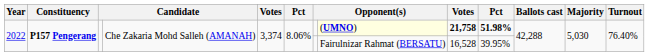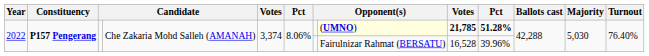 <table class="wikitable" style="margin:0.5em ; font-size:95%">
 <tr>
 <th>Year</th>
 <th>Constituency</th>
 <th colspan=2>Candidate</th>
 <th>Votes</th>
 <th>Pct</th>
 <th colspan=2>Opponent(s)</th>
 <th>Votes</th>
 <th>Pct</th>
 <th>Ballots cast</th>
 <th>Majority</th>
 <th>Turnout</th>
 </tr>
 <tr>
 <td rowspan="2"><a href='#'>2022</a></td>
 <td rowspan="2"><strong>P157 <a href='#'>Pengerang</a></strong></td>
 <td rowspan="2" ></td>
 <td rowspan="2">Che Zakaria Mohd Salleh (<a href='#'>AMANAH</a>)</td>
 <td rowspan="2" align="right">3,374</td>
 <td rowspan="2">8.06%</td>
 <td></td>
 <td style="background: lightyellow;"> (<a href='#'><strong>UMNO</strong></a>)</td>
-<td align="right"><strong>21,758</strong></td>
-<td><strong>51.98%</strong></td>
+<td align="right"><strong>21,785</strong></td>
+<td><strong>51.28%</strong></td>
 <td rowspan=2>42,288</td>
 <td rowspan=2>5,030</td>
 <td rowspan=2>76.40%</td>
 </tr>
 <tr>
 <td bgcolor=></td>
 <td>Fairulnizar Rahmat (<a href='#'>BERSATU</a>)</td>
 <td align="right">16,528</td>
-<td>39.95%</td>
+<td>39.96%</td>
 </tr>
 </table>
